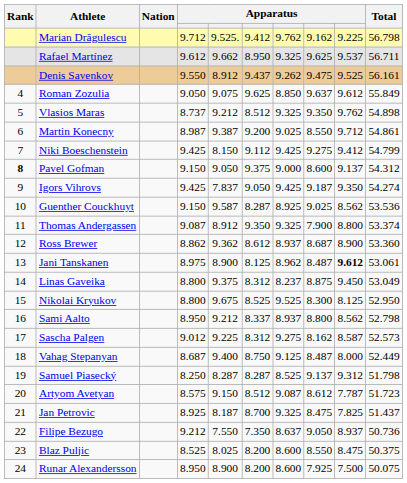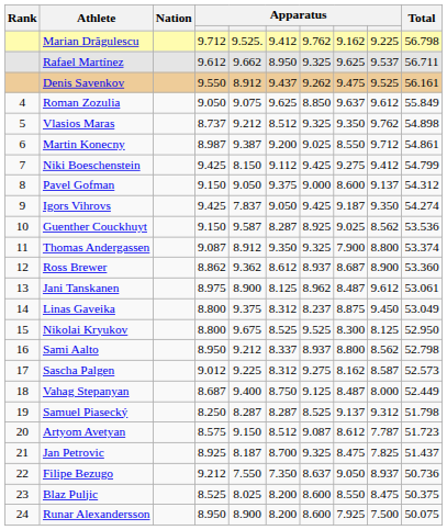 <table class="wikitable" style="font-size:90%">
 <tr>
 <th rowspan=2>Rank</th>
 <th rowspan=2>Athlete</th>
 <th rowspan=2>Nation</th>
 <th colspan=6>Apparatus</th>
 <th rowspan=2>Total</th>
 </tr>
 <tr style="font-size:95%">
 <th></th>
 <th></th>
 <th></th>
 <th></th>
 <th></th>
 <th></th>
 </tr>
 <tr align=center bgcolor=fffcaf>
 <td></td>
 <td align=left><a href='#'>Marian Drăgulescu</a></td>
 <td align=left>     </td>
 <td>9.712</td>
 <td>9.525.</td>
 <td>9.412</td>
 <td>9.762</td>
 <td>9.162</td>
 <td>9.225</td>
 <td>56.798</td>
 </tr>
 <tr align=center bgcolor=e5e5e5>
 <td></td>
 <td align=left><a href='#'>Rafael Martínez</a></td>
 <td align=left></td>
 <td>9.612</td>
 <td>9.662</td>
 <td>8.950</td>
 <td>9.325</td>
 <td>9.625</td>
 <td>9.537</td>
 <td>56.711</td>
 </tr>
 <tr align=center bgcolor=eecc99>
 <td></td>
 <td align=left><a href='#'>Denis Savenkov</a></td>
 <td align=left></td>
 <td>9.550</td>
 <td>8.912</td>
 <td>9.437</td>
 <td>9.262</td>
 <td>9.475</td>
 <td>9.525</td>
 <td>56.161</td>
 </tr>
 <tr align=center>
 <td>4</td>
 <td align=left><a href='#'>Roman Zozulia</a></td>
 <td align=left></td>
 <td>9.050</td>
 <td>9.075</td>
 <td>9.625</td>
 <td>8.850</td>
 <td>9.637</td>
 <td>9.612</td>
 <td>55.849</td>
 </tr>
 <tr align=center>
 <td>5</td>
 <td align=left><a href='#'>Vlasios Maras</a></td>
 <td align=left></td>
 <td>8.737</td>
 <td>9.212</td>
 <td>8.512</td>
 <td>9.325</td>
 <td>9.350</td>
 <td>9.762</td>
 <td>54.898</td>
 </tr>
 <tr align=center>
 <td>6</td>
 <td align=left><a href='#'>Martin Konecny</a></td>
 <td align=left></td>
 <td>8.987</td>
 <td>9.387</td>
 <td>9.200</td>
 <td>9.025</td>
 <td>8.550</td>
 <td>9.712</td>
 <td>54.861</td>
 </tr>
 <tr align=center>
 <td>7</td>
 <td align=left><a href='#'>Niki Boeschenstein</a></td>
 <td align=left></td>
 <td>9.425</td>
 <td>8.150</td>
 <td>9.112</td>
 <td>9.425</td>
 <td>9.275</td>
 <td>9.412</td>
 <td>54.799</td>
 </tr>
 <tr align=center>
-<td><strong>8</strong></td>
+<td>8</td>
 <td align=left><a href='#'>Pavel Gofman</a></td>
 <td align=left></td>
 <td>9.150</td>
 <td>9.050</td>
 <td>9.375</td>
 <td>9.000</td>
 <td>8.600</td>
 <td>9.137</td>
 <td>54.312</td>
 </tr>
 <tr align=center>
 <td>9</td>
 <td align=left><a href='#'>Igors Vihrovs</a></td>
 <td align=left></td>
 <td>9.425</td>
 <td>7.837</td>
 <td>9.050</td>
 <td>9.425</td>
 <td>9.187</td>
 <td>9.350</td>
 <td>54.274</td>
 </tr>
 <tr align=center>
 <td>10</td>
 <td align=left><a href='#'>Guenther Couckhuyt</a></td>
 <td align=left></td>
 <td>9.150</td>
 <td>9.587</td>
 <td>8.287</td>
 <td>8.925</td>
 <td>9.025</td>
 <td>8.562</td>
 <td>53.536</td>
 </tr>
 <tr align=center>
 <td>11</td>
 <td align=left><a href='#'>Thomas Andergassen</a></td>
 <td align=left></td>
 <td>9.087</td>
 <td>8.912</td>
 <td>9.350</td>
 <td>9.325</td>
 <td>7.900</td>
 <td>8.800</td>
 <td>53.374</td>
 </tr>
 <tr align=center>
 <td>12</td>
 <td align=left><a href='#'>Ross Brewer</a></td>
 <td align=left></td>
 <td>8.862</td>
 <td>9.362</td>
 <td>8.612</td>
 <td>8.937</td>
 <td>8.687</td>
 <td>8.900</td>
 <td>53.360</td>
 </tr>
 <tr align=center>
 <td>13</td>
 <td align=left><a href='#'>Jani Tanskanen</a></td>
 <td align=left></td>
 <td>8.975</td>
 <td>8.900</td>
 <td>8.125</td>
 <td>8.962</td>
 <td>8.487</td>
-<td><strong>9.612</strong></td>
+<td>9.612</td>
 <td>53.061</td>
 </tr>
 <tr align=center>
 <td>14</td>
 <td align=left><a href='#'>Linas Gaveika</a></td>
 <td align=left></td>
 <td>8.800</td>
 <td>9.375</td>
 <td>8.312</td>
 <td>8.237</td>
 <td>8.875</td>
 <td>9.450</td>
 <td>53.049</td>
 </tr>
 <tr align=center>
 <td>15</td>
 <td align=left><a href='#'>Nikolai Kryukov</a></td>
 <td align=left></td>
 <td>8.800</td>
 <td>9.675</td>
 <td>8.525</td>
 <td>9.525</td>
 <td>8.300</td>
 <td>8.125</td>
 <td>52.950</td>
 </tr>
 <tr align=center>
 <td>16</td>
 <td align=left><a href='#'>Sami Aalto</a></td>
 <td align=left></td>
 <td>8.950</td>
 <td>9.212</td>
 <td>8.337</td>
 <td>8.937</td>
 <td>8.800</td>
 <td>8.562</td>
 <td>52.798</td>
 </tr>
 <tr align=center>
 <td>17</td>
 <td align=left><a href='#'>Sascha Palgen</a></td>
 <td align=left></td>
 <td>9.012</td>
 <td>9.225</td>
 <td>8.312</td>
 <td>9.275</td>
 <td>8.162</td>
 <td>8.587</td>
 <td>52.573</td>
 </tr>
 <tr align=center>
 <td>18</td>
 <td align=left><a href='#'>Vahag Stepanyan</a></td>
 <td align=left></td>
 <td>8.687</td>
 <td>9.400</td>
 <td>8.750</td>
 <td>9.125</td>
 <td>8.487</td>
 <td>8.000</td>
 <td>52.449</td>
 </tr>
 <tr align=center>
 <td>19</td>
 <td align=left><a href='#'>Samuel Piasecký</a></td>
 <td align=left></td>
 <td>8.250</td>
 <td>8.287</td>
 <td>8.287</td>
 <td>8.525</td>
 <td>9.137</td>
 <td>9.312</td>
 <td>51.798</td>
 </tr>
 <tr align=center>
 <td>20</td>
 <td align=left><a href='#'>Artyom Avetyan</a></td>
 <td align=left></td>
 <td>8.575</td>
 <td>9.150</td>
 <td>8.512</td>
 <td>9.087</td>
 <td>8.612</td>
 <td>7.787</td>
 <td>51.723</td>
 </tr>
 <tr align=center>
 <td>21</td>
 <td align=left><a href='#'>Jan Petrovic</a></td>
 <td align=left></td>
 <td>8.925</td>
 <td>8.187</td>
 <td>8.700</td>
 <td>9.325</td>
 <td>8.475</td>
 <td>7.825</td>
 <td>51.437</td>
 </tr>
 <tr align=center>
 <td>22</td>
 <td align=left><a href='#'>Filipe Bezugo</a></td>
 <td align=left></td>
 <td>9.212</td>
 <td>7.550</td>
 <td>7.350</td>
 <td>8.637</td>
 <td>9.050</td>
 <td>8.937</td>
 <td>50.736</td>
 </tr>
 <tr align=center>
 <td>23</td>
 <td align=left><a href='#'>Blaz Puljic</a></td>
 <td align=left></td>
 <td>8.525</td>
 <td>8.025</td>
 <td>8.200</td>
 <td>8.600</td>
 <td>8.550</td>
 <td>8.475</td>
 <td>50.375</td>
 </tr>
 <tr align=center>
 <td>24</td>
 <td align=left><a href='#'>Runar Alexandersson</a></td>
 <td align=left></td>
 <td>8.950</td>
 <td>8.900</td>
 <td>8.200</td>
 <td>8.600</td>
 <td>7.925</td>
 <td>7.500</td>
 <td>50.075</td>
 </tr>
 </table>
